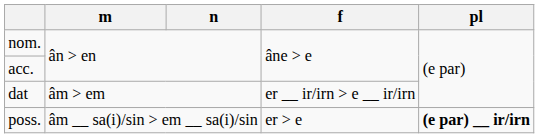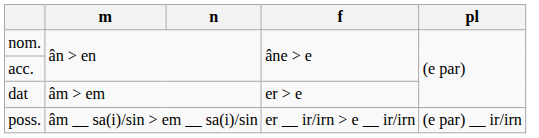 <table class="wikitable">
 <tr>
 <th></th>
 <th>m</th>
 <th>n</th>
 <th>f</th>
 <th>pl</th>
 </tr>
 <tr>
 <td>nom.</td>
 <td colspan="2" rowspan="2">ân > en</td>
 <td rowspan="2">âne > e</td>
 <td rowspan="3">(e par)</td>
 </tr>
 <tr>
 <td>acc.</td>
 </tr>
 <tr>
 <td>dat</td>
 <td colspan="2">âm > em</td>
-<td>er __ ir/irn > e __ ir/irn</td>
+<td>er > e</td>
 </tr>
 <tr>
 <td>poss.</td>
 <td colspan="2">âm __ sa(i)/sin > em __ sa(i)/sin</td>
-<td>er > e</td>
-<td><strong>(e par) __ ir/irn</strong></td>
+<td>er __ ir/irn > e __ ir/irn</td>
+<td>(e par) __ ir/irn</td>
 </tr>
 </table>
